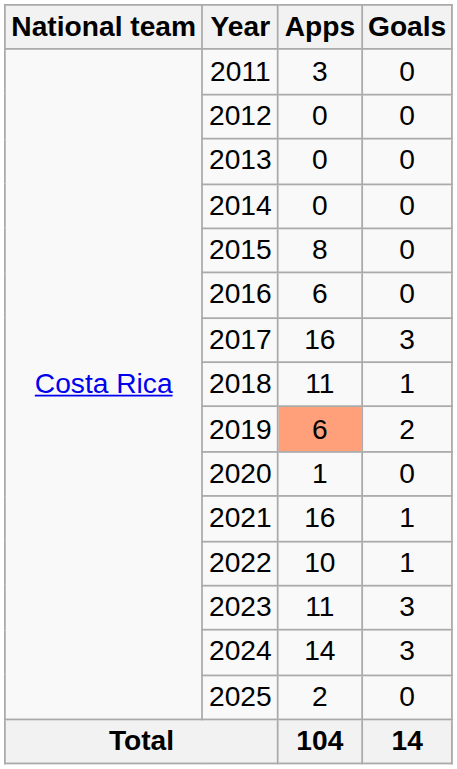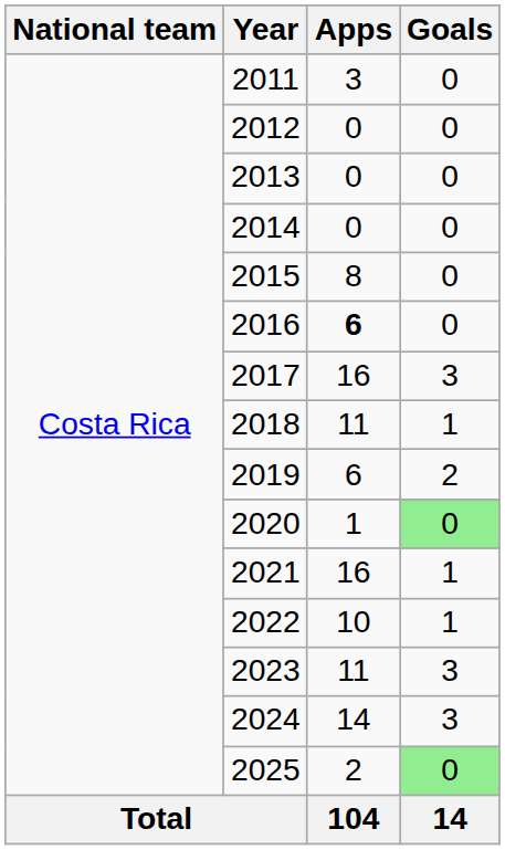 <table class="wikitable" style="text-align:center">
 <tr>
 <th>National team</th>
 <th>Year</th>
 <th>Apps</th>
 <th>Goals</th>
 </tr>
 <tr>
 <td rowspan="15"><a href='#'>Costa Rica</a></td>
 <td>2011</td>
 <td>3</td>
 <td>0</td>
 </tr>
 <tr>
 <td>2012</td>
 <td>0</td>
 <td>0</td>
 </tr>
 <tr>
 <td>2013</td>
 <td>0</td>
 <td>0</td>
 </tr>
 <tr>
 <td>2014</td>
 <td>0</td>
 <td>0</td>
 </tr>
 <tr>
 <td>2015</td>
 <td>8</td>
 <td>0</td>
 </tr>
 <tr>
 <td>2016</td>
-<td>6</td>
+<td><strong>6</strong></td>
 <td>0</td>
 </tr>
 <tr>
 <td>2017</td>
 <td>16</td>
 <td>3</td>
 </tr>
 <tr>
 <td>2018</td>
 <td>11</td>
 <td>1</td>
 </tr>
 <tr>
 <td>2019</td>
-<td style="background: lightsalmon;">6</td>
+<td>6</td>
 <td>2</td>
 </tr>
 <tr>
 <td>2020</td>
 <td>1</td>
-<td>0</td>
+<td style="background: lightgreen;">0</td>
 </tr>
 <tr>
 <td>2021</td>
 <td>16</td>
 <td>1</td>
 </tr>
 <tr>
 <td>2022</td>
 <td>10</td>
 <td>1</td>
 </tr>
 <tr>
 <td>2023</td>
 <td>11</td>
 <td>3</td>
 </tr>
 <tr>
 <td>2024</td>
 <td>14</td>
 <td>3</td>
 </tr>
 <tr>
 <td>2025</td>
 <td>2</td>
-<td>0</td>
+<td style="background: lightgreen;">0</td>
 </tr>
 <tr>
 <th colspan=2>Total</th>
 <th>104</th>
 <th>14</th>
 </tr>
 </table>
